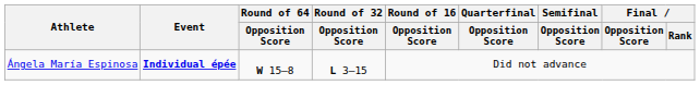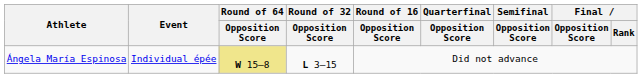 <table class="wikitable" style="font-size:90%">
 <tr>
 <th rowspan="2">Athlete</th>
 <th rowspan="2">Event</th>
 <th>Round of 64</th>
 <th>Round of 32</th>
 <th>Round of 16</th>
 <th>Quarterfinal</th>
 <th>Semifinal</th>
 <th colspan=2>Final / </th>
 </tr>
 <tr style="font-size:95%">
 <th>Opposition <br> Score</th>
 <th>Opposition <br> Score</th>
 <th>Opposition <br> Score</th>
 <th>Opposition <br> Score</th>
 <th>Opposition <br> Score</th>
 <th>Opposition <br> Score</th>
 <th>Rank</th>
 </tr>
 <tr align=center>
 <td align=left><a href='#'>Ángela María Espinosa</a></td>
-<td align=left><strong><a href='#'>Individual épée</a></strong></td>
-<td><br><strong>W</strong> 15–8</td>
+<td align=left><a href='#'>Individual épée</a></td>
+<td style="background: khaki;"><br><strong>W</strong> 15–8</td>
 <td><br><strong>L</strong> 3–15</td>
 <td colspan=5>Did not advance</td>
 </tr>
 </table>
